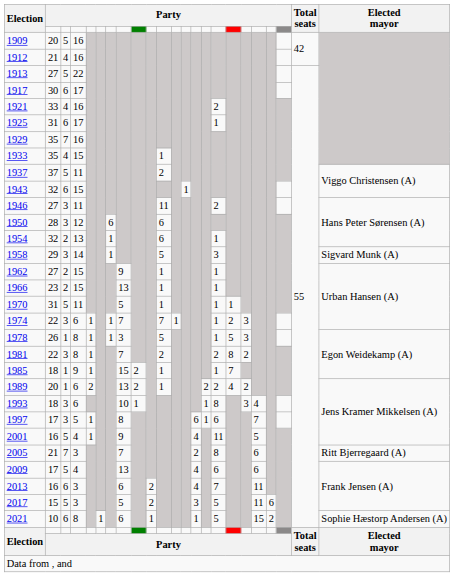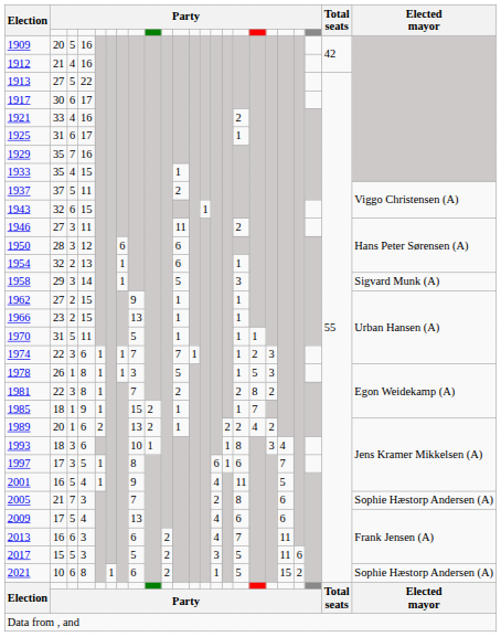 <table class="wikitable">
 <tr>
 <th rowspan="2">Election</th>
 <th colspan="20">Party</th>
 <th rowspan="2">Total<br>seats</th>
 <th rowspan="2">Elected<br>mayor</th>
 </tr>
 <tr>
 <td style="background:"><strong><a href='#'></a></strong></td>
 <td style="background:"><strong><a href='#'></a></strong></td>
 <td style="background:"><strong><a href='#'></a></strong></td>
 <td style="background:"><strong><a href='#'></a></strong></td>
 <td style="background:"><strong><a href='#'></a></strong></td>
 <td style="background:"><strong><a href='#'></a></strong></td>
 <td style="background:"><strong><a href='#'></a></strong></td>
 <td style="background:green;width:16px;"><strong><a href='#'></a></strong></td>
 <td style="background:"><strong><a href='#'></a></strong></td>
 <td style="background:"><strong><a href='#'></a></strong></td>
 <td style="background:"><strong><a href='#'></a></strong></td>
 <td style="background:"><strong><a href='#'></a></strong></td>
 <td style="background:"><strong><a href='#'></a></strong></td>
 <td style="background:"><strong><a href='#'></a></strong></td>
 <td style="background:"><strong><a href='#'></a></strong></td>
 <td style="background:red;width:16px;"><strong><a href='#'></a></strong></td>
 <td style="background:"><strong><a href='#'></a></strong></td>
 <td style="background:"><strong><a href='#'></a></strong></td>
 <td style="background:"><strong><a href='#'></a></strong></td>
 <td style="background:#8B8989;width:16px;"><strong></strong></td>
 </tr>
 <tr>
 <td><a href='#'>1909</a></td>
 <td>20</td>
 <td>5</td>
 <td>16</td>
 <td style="background:#CDC9C9;" rowspan="17"></td>
 <td style="background:#CDC9C9;" rowspan="29"></td>
 <td style="background:#CDC9C9;" rowspan="11"></td>
 <td style="background:#CDC9C9;" rowspan="14"></td>
 <td style="background:#CDC9C9;" rowspan="20"></td>
 <td style="background:#CDC9C9;" rowspan="27"></td>
 <td style="background:#CDC9C9;" rowspan="7"></td>
 <td style="background:#CDC9C9;" rowspan="17"></td>
 <td style="background:#CDC9C9;" rowspan="9"></td>
 <td style="background:#CDC9C9;" rowspan="23"></td>
 <td style="background:#CDC9C9;" rowspan="21"></td>
 <td style="background:#CDC9C9;" rowspan="4"></td>
 <td style="background:#CDC9C9;" rowspan="16"></td>
 <td style="background:#CDC9C9;" rowspan="17"></td>
 <td style="background:#CDC9C9;" rowspan="22"></td>
 <td style="background:#CDC9C9;" rowspan="28"></td>
 <td></td>
 <td rowspan="2">42</td>
 <td style="background:#CDC9C9;" rowspan="8"></td>
 </tr>
 <tr>
 <td><a href='#'>1912</a></td>
 <td>21</td>
 <td>4</td>
 <td>16</td>
 <td></td>
 </tr>
 <tr>
 <td><a href='#'>1913</a></td>
 <td>27</td>
 <td>5</td>
 <td>22</td>
 <td></td>
 <td rowspan="28">55</td>
 </tr>
 <tr>
 <td><a href='#'>1917</a></td>
 <td>30</td>
 <td>6</td>
 <td>17</td>
 <td></td>
 </tr>
 <tr>
 <td><a href='#'>1921</a></td>
 <td>33</td>
 <td>4</td>
 <td>16</td>
 <td>2</td>
 <td style="background:#CDC9C9;" rowspan="5"></td>
 </tr>
 <tr>
 <td><a href='#'>1925</a></td>
 <td>31</td>
 <td>6</td>
 <td>17</td>
 <td>1</td>
 </tr>
 <tr>
 <td><a href='#'>1929</a></td>
 <td>35</td>
 <td>7</td>
 <td>16</td>
 <td style="background:#CDC9C9;" rowspan="4"></td>
 </tr>
 <tr>
 <td><a href='#'>1933</a></td>
 <td>35</td>
 <td>4</td>
 <td>15</td>
 <td>1</td>
 </tr>
 <tr>
 <td><a href='#'>1937</a></td>
 <td>37</td>
 <td>5</td>
 <td>11</td>
 <td>2</td>
 <td rowspan="2">Viggo Christensen (A)</td>
 </tr>
 <tr>
 <td><a href='#'>1943</a></td>
 <td>32</td>
 <td>6</td>
 <td>15</td>
 <td style="background:#CDC9C9;"></td>
 <td>1</td>
 <td></td>
 </tr>
 <tr>
 <td><a href='#'>1946</a></td>
 <td>27</td>
 <td>3</td>
 <td>11</td>
 <td>11</td>
 <td style="background:#CDC9C9;" rowspan="20"></td>
 <td>2</td>
 <td></td>
 <td rowspan="3">Hans Peter Sørensen (A)</td>
 </tr>
 <tr>
 <td><a href='#'>1950</a></td>
 <td>28</td>
 <td>3</td>
 <td>12</td>
 <td>6</td>
 <td>6</td>
 <td style="background:#CDC9C9;"></td>
 <td style="background:#CDC9C9;" rowspan="6"></td>
 </tr>
 <tr>
 <td><a href='#'>1954</a></td>
 <td>32</td>
 <td>2</td>
 <td>13</td>
 <td>1</td>
 <td>6</td>
 <td>1</td>
 </tr>
 <tr>
 <td><a href='#'>1958</a></td>
 <td>29</td>
 <td>3</td>
 <td>14</td>
 <td>1</td>
 <td>5</td>
 <td>3</td>
 <td>Sigvard Munk (A)</td>
 </tr>
 <tr>
 <td><a href='#'>1962</a></td>
 <td>27</td>
 <td>2</td>
 <td>15</td>
 <td style="background:#CDC9C9;" rowspan="3"></td>
 <td>9</td>
 <td>1</td>
 <td>1</td>
 <td rowspan="4">Urban Hansen (A)</td>
 </tr>
 <tr>
 <td><a href='#'>1966</a></td>
 <td>23</td>
 <td>2</td>
 <td>15</td>
 <td>13</td>
 <td>1</td>
 <td>1</td>
 </tr>
 <tr>
 <td><a href='#'>1970</a></td>
 <td>31</td>
 <td>5</td>
 <td>11</td>
 <td>5</td>
 <td>1</td>
 <td>1</td>
 <td>1</td>
 </tr>
 <tr>
 <td><a href='#'>1974</a></td>
 <td>22</td>
 <td>3</td>
 <td>6</td>
 <td>1</td>
 <td>1</td>
 <td>7</td>
 <td>7</td>
 <td>1</td>
 <td>1</td>
 <td>2</td>
 <td>3</td>
 <td></td>
 </tr>
 <tr>
 <td><a href='#'>1978</a></td>
 <td>26</td>
 <td>1</td>
 <td>8</td>
 <td>1</td>
 <td>1</td>
 <td>3</td>
 <td>5</td>
 <td style="background:#CDC9C9;" rowspan="12"></td>
 <td>1</td>
 <td>5</td>
 <td>3</td>
 <td></td>
 <td rowspan="3">Egon Weidekamp (A)</td>
 </tr>
 <tr>
 <td><a href='#'>1981</a></td>
 <td>22</td>
 <td>3</td>
 <td>8</td>
 <td>1</td>
 <td style="background:#CDC9C9;" rowspan="11"></td>
 <td>7</td>
 <td>2</td>
 <td>2</td>
 <td>8</td>
 <td>2</td>
 <td style="background:#CDC9C9;" rowspan="3"></td>
 </tr>
 <tr>
 <td><a href='#'>1985</a></td>
 <td>18</td>
 <td>1</td>
 <td>9</td>
 <td>1</td>
 <td>15</td>
 <td>2</td>
 <td>1</td>
 <td>1</td>
 <td>7</td>
 <td style="background:#CDC9C9;"></td>
 </tr>
 <tr>
 <td><a href='#'>1989</a></td>
 <td>20</td>
 <td>1</td>
 <td>6</td>
 <td>2</td>
 <td>13</td>
 <td>2</td>
 <td>1</td>
 <td>2</td>
 <td>2</td>
 <td>4</td>
 <td>2</td>
 <td rowspan="4">Jens Kramer Mikkelsen (A)</td>
 </tr>
 <tr>
 <td><a href='#'>1993</a></td>
 <td>18</td>
 <td>3</td>
 <td>6</td>
 <td style="background:#CDC9C9;"></td>
 <td>10</td>
 <td>1</td>
 <td style="background:#CDC9C9;" rowspan="8"></td>
 <td>1</td>
 <td>8</td>
 <td style="background:#CDC9C9;" rowspan="8"></td>
 <td>3</td>
 <td>4</td>
 <td></td>
 </tr>
 <tr>
 <td><a href='#'>1997</a></td>
 <td>17</td>
 <td>3</td>
 <td>5</td>
 <td>1</td>
 <td>8</td>
 <td style="background:#CDC9C9;" rowspan="7"></td>
 <td>6</td>
 <td>1</td>
 <td>6</td>
 <td style="background:#CDC9C9;" rowspan="7"></td>
 <td>7</td>
 <td></td>
 </tr>
 <tr>
 <td><a href='#'>2001</a></td>
 <td>16</td>
 <td>5</td>
 <td>4</td>
 <td>1</td>
 <td>9</td>
 <td>4</td>
 <td style="background:#CDC9C9;" rowspan="6"></td>
 <td>11</td>
 <td>5</td>
 <td style="background:#CDC9C9;" rowspan="6"></td>
 </tr>
 <tr>
 <td><a href='#'>2005</a></td>
 <td>21</td>
 <td>7</td>
 <td>3</td>
 <td style="background:#CDC9C9;" rowspan="5"></td>
 <td>7</td>
 <td>2</td>
 <td>8</td>
 <td>6</td>
-<td>Ritt Bjerregaard (A)</td>
+<td>Sophie Hæstorp Andersen (A)</td>
 </tr>
 <tr>
 <td><a href='#'>2009</a></td>
 <td>17</td>
 <td>5</td>
 <td>4</td>
 <td>13</td>
 <td>4</td>
 <td>6</td>
 <td>6</td>
 <td rowspan="3">Frank Jensen (A)</td>
 </tr>
 <tr>
 <td><a href='#'>2013</a></td>
 <td>16</td>
 <td>6</td>
 <td>3</td>
 <td>6</td>
 <td>2</td>
 <td>4</td>
 <td>7</td>
 <td>11</td>
 </tr>
 <tr>
 <td><a href='#'>2017</a></td>
 <td>15</td>
 <td>5</td>
 <td>3</td>
 <td>5</td>
 <td>2</td>
 <td>3</td>
 <td>5</td>
 <td>11</td>
 <td>6</td>
 </tr>
 <tr>
 <td><a href='#'>2021</a></td>
 <td>10</td>
 <td>6</td>
 <td>8</td>
 <td>1</td>
 <td>6</td>
-<td>1</td>
+<td>2</td>
 <td>1</td>
 <td>5</td>
 <td>15</td>
 <td>2</td>
 <td>Sophie Hæstorp Andersen (A)</td>
 </tr>
 <tr>
 <th rowspan="2">Election</th>
 <td style="background:"><strong><a href='#'></a></strong></td>
 <td style="background:"><strong><a href='#'></a></strong></td>
 <td style="background:"><strong><a href='#'></a></strong></td>
 <td style="background:"><strong><a href='#'></a></strong></td>
 <td style="background:"><strong><a href='#'></a></strong></td>
 <td style="background:"><strong><a href='#'></a></strong></td>
 <td style="background:"><strong><a href='#'></a></strong></td>
 <td style="background:green;"><strong><a href='#'></a></strong></td>
 <td style="background:"><strong><a href='#'></a></strong></td>
 <td style="background:"><strong><a href='#'></a></strong></td>
 <td style="background:"><strong><a href='#'></a></strong></td>
 <td style="background:"><strong><a href='#'></a></strong></td>
 <td style="background:"><strong><a href='#'></a></strong></td>
 <td style="background:"><strong><a href='#'></a></strong></td>
 <td style="background:"><strong><a href='#'></a></strong></td>
 <td style="background:red;"><strong><a href='#'></a></strong></td>
 <td style="background:"><strong><a href='#'></a></strong></td>
 <td style="background:"><strong><a href='#'></a></strong></td>
 <td style="background:"><strong><a href='#'></a></strong></td>
 <td style="background:#8B8989;"><strong></strong></td>
 <th rowspan="2">Total<br>seats</th>
 <th rowspan="2">Elected<br>mayor</th>
 </tr>
 <tr>
 <th colspan="20">Party</th>
 </tr>
 <tr>
 <td colspan="99">Data from ,  and </td>
 </tr>
 </table>
